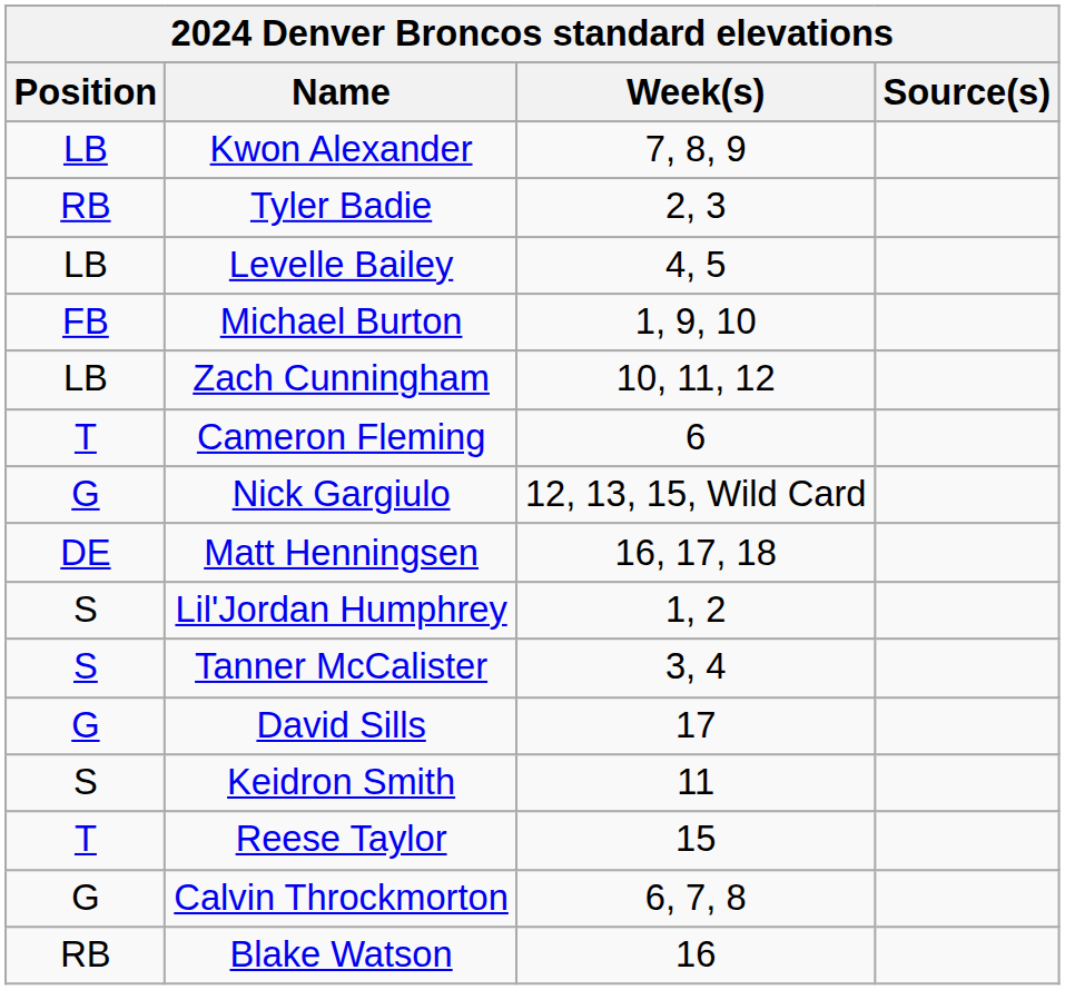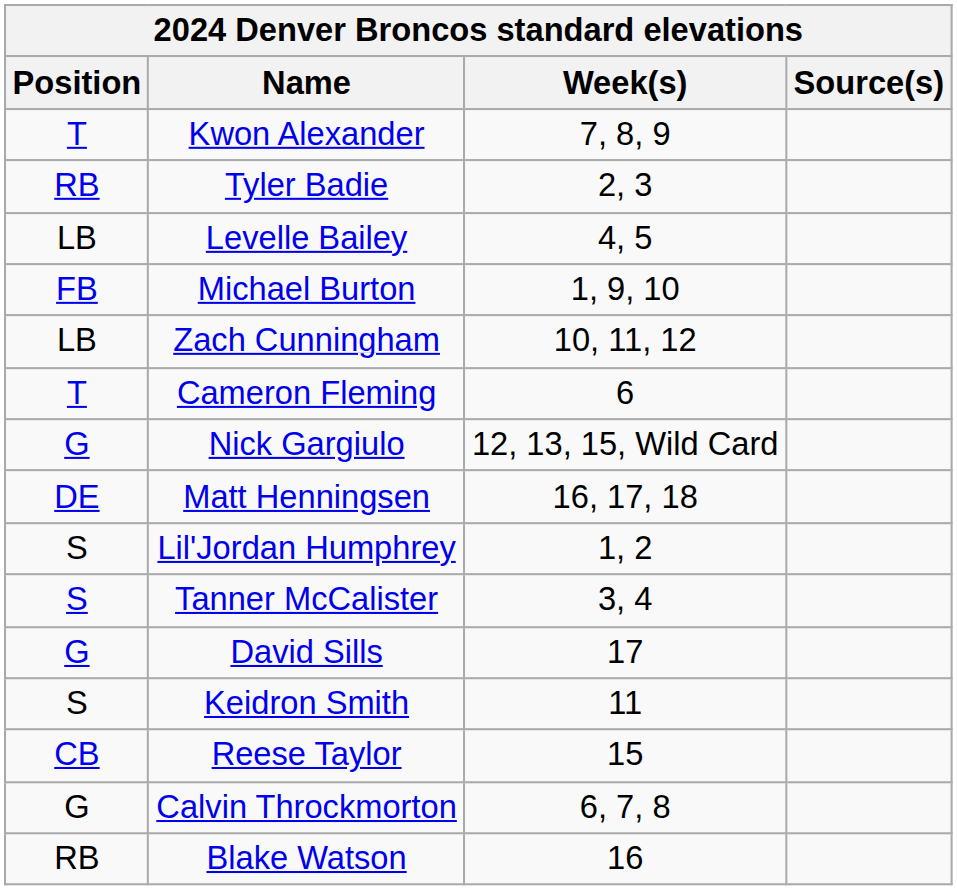 <table class="wikitable" style="text-align:center">
 <tr>
 <th colspan=6>2024 Denver Broncos standard elevations</th>
 </tr>
 <tr>
 <th>Position</th>
 <th>Name</th>
 <th>Week(s)</th>
 <th>Source(s)</th>
 </tr>
 <tr>
-<td><a href='#'>LB</a></td>
+<td><a href='#'>T</a></td>
 <td><a href='#'>Kwon Alexander</a></td>
 <td>7, 8, 9</td>
 <td></td>
 </tr>
 <tr>
 <td><a href='#'>RB</a></td>
 <td><a href='#'>Tyler Badie</a></td>
 <td>2, 3</td>
 <td></td>
 </tr>
 <tr>
 <td>LB</td>
 <td><a href='#'>Levelle Bailey</a></td>
 <td>4, 5</td>
 <td></td>
 </tr>
 <tr>
 <td><a href='#'>FB</a></td>
 <td><a href='#'>Michael Burton</a></td>
 <td>1, 9, 10</td>
 <td></td>
 </tr>
 <tr>
 <td>LB</td>
 <td><a href='#'>Zach Cunningham</a></td>
 <td>10, 11, 12</td>
 <td></td>
 </tr>
 <tr>
 <td><a href='#'>T</a></td>
 <td><a href='#'>Cameron Fleming</a></td>
 <td>6</td>
 <td></td>
 </tr>
 <tr>
 <td><a href='#'>G</a></td>
 <td><a href='#'>Nick Gargiulo</a></td>
 <td>12, 13, 15, Wild Card</td>
 <td></td>
 </tr>
 <tr>
 <td><a href='#'>DE</a></td>
 <td><a href='#'>Matt Henningsen</a></td>
 <td>16, 17, 18</td>
 <td></td>
 </tr>
 <tr>
 <td>S</td>
 <td><a href='#'>Lil'Jordan Humphrey</a></td>
 <td>1, 2</td>
 <td></td>
 </tr>
 <tr>
 <td><a href='#'>S</a></td>
 <td><a href='#'>Tanner McCalister</a></td>
 <td>3, 4</td>
 <td></td>
 </tr>
 <tr>
 <td><a href='#'>G</a></td>
 <td><a href='#'>David Sills</a></td>
 <td>17</td>
 <td></td>
 </tr>
 <tr>
 <td>S</td>
 <td><a href='#'>Keidron Smith</a></td>
 <td>11</td>
 <td></td>
 </tr>
 <tr>
-<td><a href='#'>T</a></td>
+<td><a href='#'>CB</a></td>
 <td><a href='#'>Reese Taylor</a></td>
 <td>15</td>
 <td></td>
 </tr>
 <tr>
 <td>G</td>
 <td><a href='#'>Calvin Throckmorton</a></td>
 <td>6, 7, 8</td>
 <td></td>
 </tr>
 <tr>
 <td>RB</td>
 <td><a href='#'>Blake Watson</a></td>
 <td>16</td>
 <td></td>
 </tr>
 </table>
